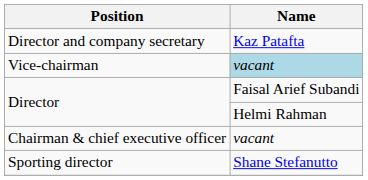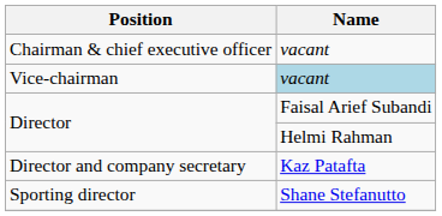 <table class="wikitable">
 <tr>
 <th>Position</th>
 <th>Name</th>
 </tr>
 <tr>
-<td>Director and company secretary</td>
-<td> <a href='#'>Kaz Patafta</a></td>
+<td>Chairman & chief executive officer</td>
+<td><em>vacant</em></td>
 </tr>
 <tr>
 <td>Vice-chairman</td>
 <td style="background: lightblue;"><em>vacant</em></td>
 </tr>
 <tr>
 <td rowspan="2">Director</td>
 <td> Faisal Arief Subandi</td>
 </tr>
 <tr>
 <td> Helmi Rahman</td>
 </tr>
 <tr>
-<td>Chairman & chief executive officer</td>
-<td><em>vacant</em></td>
+<td>Director and company secretary</td>
+<td> <a href='#'>Kaz Patafta</a></td>
 </tr>
 <tr>
 <td>Sporting director</td>
 <td> <a href='#'>Shane Stefanutto</a></td>
 </tr>
 <tr>
 </tr>
 </table>
